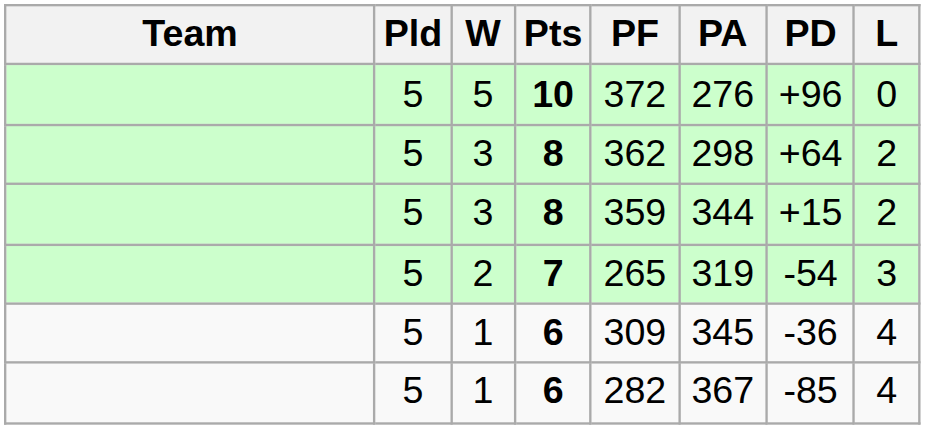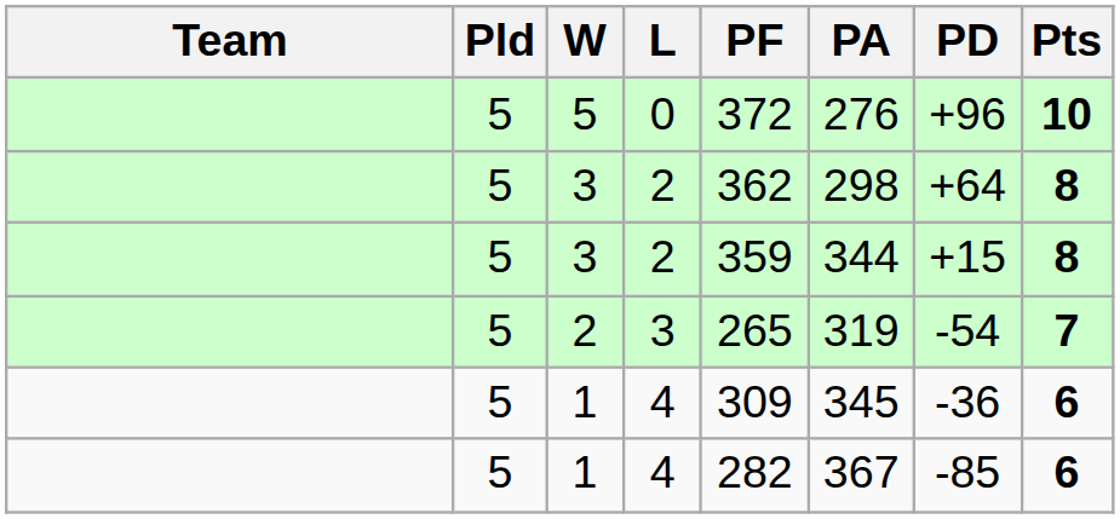 <table class="wikitable" style="text-align:center;">
 <tr>
 <th width=150>Team</th>
 <th width=20>Pld</th>
 <th width=20>W</th>
-<th width=20>Pts</th>
+<th width=20>L</th>
 <th width=30>PF</th>
 <th width=30>PA</th>
 <th width=30>PD</th>
-<th width=20>L</th>
+<th width=20>Pts</th>
 </tr>
 <tr style="background:#cfc;">
 <td align="left"></td>
 <td>5</td>
 <td>5</td>
-<td><strong>10</strong></td>
+<td>0</td>
 <td>372</td>
 <td>276</td>
 <td>+96</td>
-<td>0</td>
+<td><strong>10</strong></td>
 </tr>
 <tr style="background:#cfc;">
 <td align="left"></td>
 <td>5</td>
 <td>3</td>
-<td><strong>8</strong></td>
+<td>2</td>
 <td>362</td>
 <td>298</td>
 <td>+64</td>
-<td>2</td>
+<td><strong>8</strong></td>
 </tr>
 <tr style="background:#cfc;">
 <td align="left"></td>
 <td>5</td>
 <td>3</td>
-<td><strong>8</strong></td>
+<td>2</td>
 <td>359</td>
 <td>344</td>
 <td>+15</td>
-<td>2</td>
+<td><strong>8</strong></td>
 </tr>
 <tr style="background:#cfc;">
 <td align="left"></td>
 <td>5</td>
 <td>2</td>
-<td><strong>7</strong></td>
+<td>3</td>
 <td>265</td>
 <td>319</td>
 <td>-54</td>
-<td>3</td>
+<td><strong>7</strong></td>
 </tr>
 <tr>
 <td align="left"></td>
 <td>5</td>
 <td>1</td>
-<td><strong>6</strong></td>
+<td>4</td>
 <td>309</td>
 <td>345</td>
 <td>-36</td>
-<td>4</td>
+<td><strong>6</strong></td>
 </tr>
 <tr>
 <td align="left"></td>
 <td>5</td>
 <td>1</td>
-<td><strong>6</strong></td>
+<td>4</td>
 <td>282</td>
 <td>367</td>
 <td>-85</td>
-<td>4</td>
+<td><strong>6</strong></td>
 </tr>
 </table>
